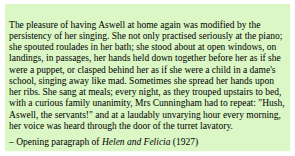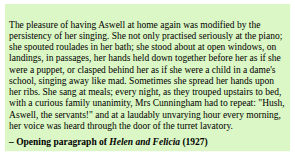 <table class="toccolours" style="float: right; margin-left: 1em; margin-right: 2em; font-size: 90%; background:#dbf7c5; color:black; width:30em; max-width: 40%;" cellspacing="5">
 <tr>
 <td style="text-align: left;"><br>The pleasure of having Aswell at home again was modified by the persistency of her singing. She not only practised seriously at the piano; she spouted roulades in her bath; she stood about at open windows, on landings, in passages, her hands held down together before her as if she were a puppet, or clasped behind her as if she were a child in a dame's school, singing away like mad. Sometimes she spread her hands upon her ribs. She sang at meals; every night, as they trouped upstairs to bed, with a curious family unanimity, Mrs Cunningham had to repeat: "Hush, Aswell, the servants!" and at a laudably unvarying hour every morning, her voice was heard through the door of the turret lavatory.</td>
 </tr>
 <tr>
-<td style="text-align: left;">– Opening paragraph of <em>Helen and Felicia</em> (1927)</td>
+<td style="text-align: left;"><strong>– Opening paragraph of <em>Helen and Felicia</em> (1927)</strong></td>
 </tr>
 </table>
